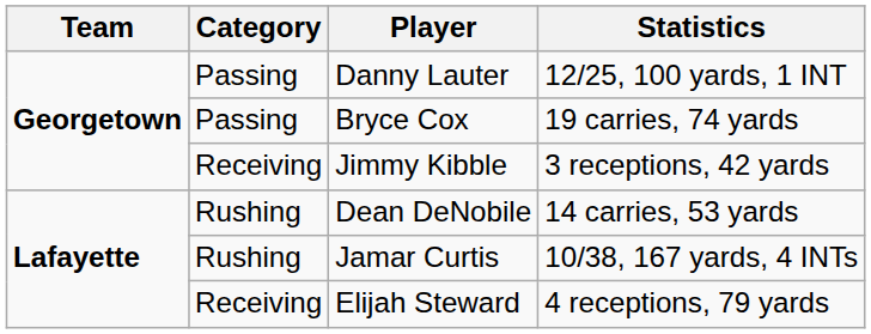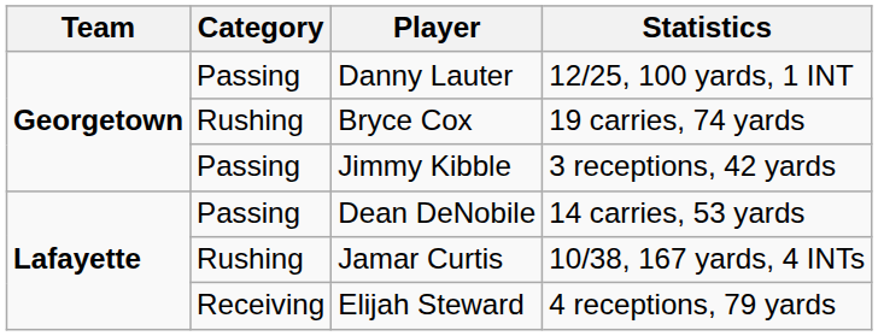 <table class="wikitable" style="float: right;">
 <tr>
 <th>Team</th>
 <th>Category</th>
 <th>Player</th>
 <th>Statistics</th>
 </tr>
 <tr>
 <td rowspan=3><strong>Georgetown</strong></td>
 <td>Passing</td>
 <td>Danny Lauter</td>
 <td>12/25, 100 yards, 1 INT</td>
 </tr>
 <tr>
-<td>Passing</td>
+<td>Rushing</td>
 <td>Bryce Cox</td>
 <td>19 carries, 74 yards</td>
 </tr>
 <tr>
-<td>Receiving</td>
+<td>Passing</td>
 <td>Jimmy Kibble</td>
 <td>3 receptions, 42 yards</td>
 </tr>
 <tr>
 <td rowspan=3><strong>Lafayette</strong></td>
-<td>Rushing</td>
+<td>Passing</td>
 <td>Dean DeNobile</td>
 <td>14 carries, 53 yards</td>
 </tr>
 <tr>
 <td>Rushing</td>
 <td>Jamar Curtis</td>
 <td>10/38, 167 yards, 4 INTs</td>
 </tr>
 <tr>
 <td>Receiving</td>
 <td>Elijah Steward</td>
 <td>4 receptions, 79 yards</td>
 </tr>
 </table>
